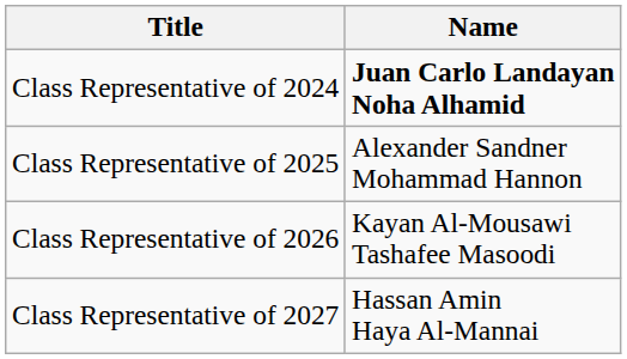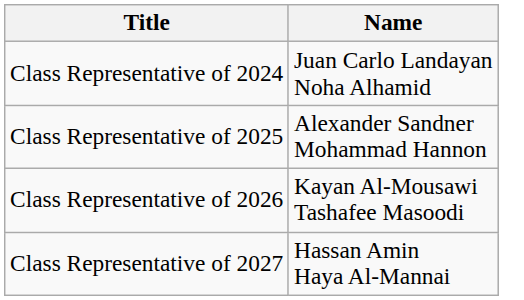 <table class="wikitable">
 <tr>
 <th>Title</th>
 <th>Name</th>
 </tr>
 <tr>
 <td>Class Representative of 2024</td>
-<td><strong>Juan Carlo Landayan<br>Noha Alhamid</strong></td>
+<td>Juan Carlo Landayan<br>Noha Alhamid</td>
 </tr>
 <tr>
 <td>Class Representative of 2025</td>
 <td>Alexander Sandner<br>Mohammad Hannon</td>
 </tr>
 <tr>
 <td>Class Representative of 2026</td>
 <td>Kayan Al-Mousawi<br>Tashafee Masoodi</td>
 </tr>
 <tr>
 <td>Class Representative of 2027</td>
 <td>Hassan Amin<br>Haya Al-Mannai</td>
 </tr>
 </table>
